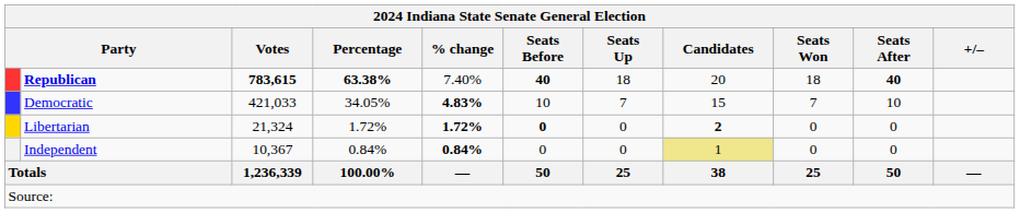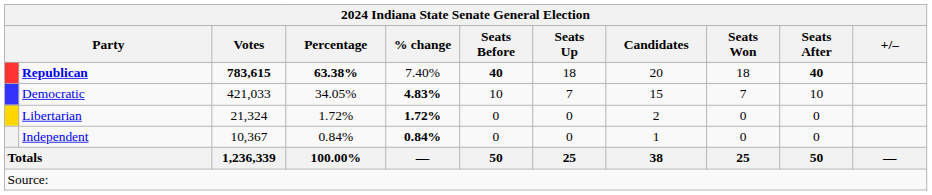 <table class="wikitable">
 <tr>
 <th colspan="11">2024 Indiana State Senate General Election</th>
 </tr>
 <tr style="text-align:center">
 <th colspan=2 style="width: 15em">Party</th>
 <th style="width: 5em">Votes</th>
 <th style="width: 7em">Percentage</th>
 <th style="width: 5em">% change</th>
 <th style="width: 5em">Seats<br>Before</th>
 <th style="width: 5em">Seats<br>Up</th>
 <th style="width: 7em">Candidates</th>
 <th style="width: 5em">Seats<br>Won</th>
 <th style="width: 5em">Seats<br>After</th>
 <th style="width: 5em">+/–</th>
 </tr>
 <tr>
 <th style="background-color:#FF3333; width: 3px"></th>
 <td style="width: 130px" ><strong><a href='#'>Republican</a></strong></td>
 <td align="center" ><strong>783,615</strong></td>
 <td align="center" ><strong>63.38%</strong></td>
 <td align="center" >7.40%</td>
 <td align="center" ><strong>40</strong></td>
 <td align="center" >18</td>
 <td align="center" >20</td>
 <td align="center" >18</td>
 <td align="center" ><strong>40</strong></td>
 <td align="center"></td>
 </tr>
 <tr>
 <th style="background-color:#3333FF; width: 3px"></th>
 <td style="width: 130px"><a href='#'>Democratic</a></td>
 <td align="center">421,033</td>
 <td align="center">34.05%</td>
 <td align="center" {><strong>4.83%</strong></td>
 <td align="center">10</td>
 <td align="center">7</td>
 <td align="center">15</td>
 <td align="center">7</td>
 <td align="center">10</td>
 <td align="center"></td>
 </tr>
 <tr>
 <th style="background-color:gold; width: 3px"></th>
 <td style="width: 130px"><a href='#'>Libertarian</a></td>
 <td style="text-align:center">21,324</td>
 <td style="text-align:center">1.72%</td>
 <td style="text-align:center" {><strong>1.72%</strong></td>
-<td align="center"><strong>0</strong></td>
 <td align="center">0</td>
-<td align="center"><strong>2</strong></td>
+<td align="center">0</td>
+<td align="center">2</td>
 <td align="center">0</td>
 <td align="center">0</td>
 <td style="text-align:center"></td>
 </tr>
 <tr>
 <th style="background-color:Independent; width: 3px"></th>
 <td style="width: 130px"><a href='#'>Independent</a></td>
 <td style="text-align:center">10,367</td>
 <td style="text-align:center">0.84%</td>
 <td style="text-align:center" {><strong>0.84%</strong></td>
 <td align="center">0</td>
 <td align="center">0</td>
-<td align="center" style="background: khaki;">1</td>
+<td align="center">1</td>
 <td align="center">0</td>
 <td align="center">0</td>
 <td style="text-align:center"></td>
 </tr>
 <tr>
 <th colspan="2" style="text-align:left">Totals</th>
 <th style="text-align:center">1,236,339</th>
 <th style="text-align:center">100.00%</th>
 <th style="text-align:center">—</th>
 <th style="text-align:center">50</th>
 <th style="text-align:center">25</th>
 <th style="text-align:center">38</th>
 <th style="text-align:center">25</th>
 <th style="text-align:center">50</th>
 <th style="text-align:center">—</th>
 </tr>
 <tr>
 <td colspan=11>Source: </td>
 </tr>
 </table>
